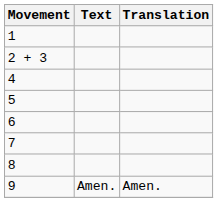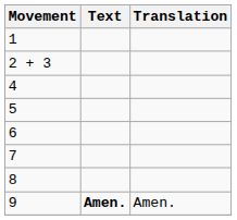 <table class="wikitable">
 <tr>
 <th>Movement</th>
 <th>Text</th>
 <th>Translation</th>
 </tr>
 <tr>
 <td>1</td>
 <td></td>
 <td></td>
 </tr>
 <tr>
 <td>2 + 3</td>
 <td></td>
 <td></td>
 </tr>
 <tr>
 <td>4</td>
 <td></td>
 <td></td>
 </tr>
 <tr>
 <td>5</td>
 <td></td>
 <td></td>
 </tr>
 <tr>
 <td>6</td>
 <td></td>
 <td></td>
 </tr>
 <tr>
 <td>7</td>
 <td></td>
 <td></td>
 </tr>
 <tr>
 <td>8</td>
 <td></td>
 <td></td>
 </tr>
 <tr>
 <td>9</td>
-<td>Amen.</td>
+<td><strong>Amen.</strong></td>
 <td>Amen.</td>
 </tr>
 <tr>
 </tr>
 </table>
